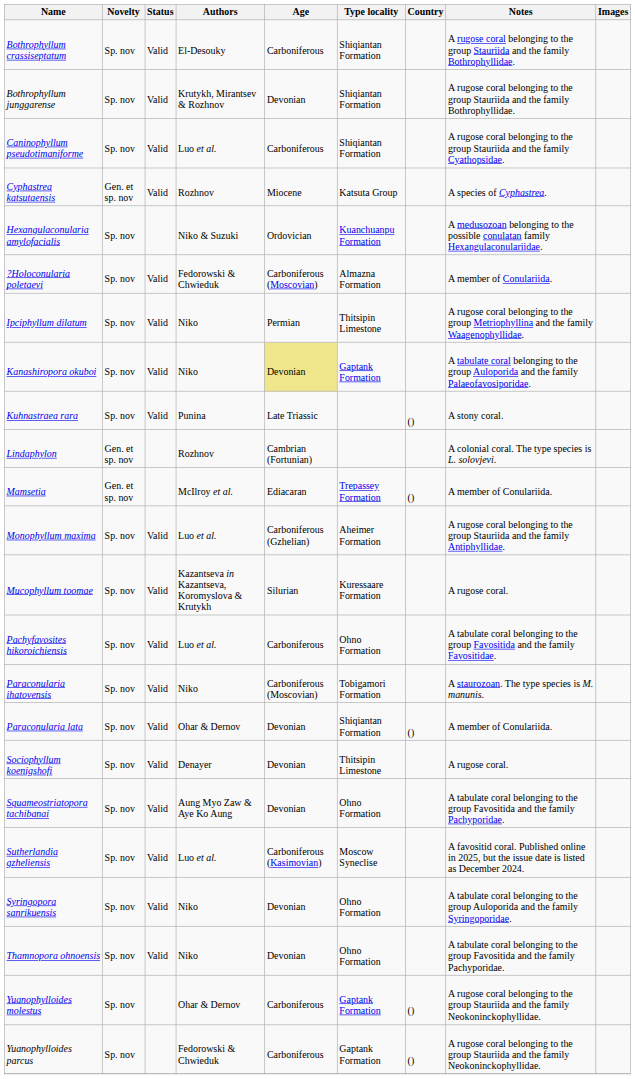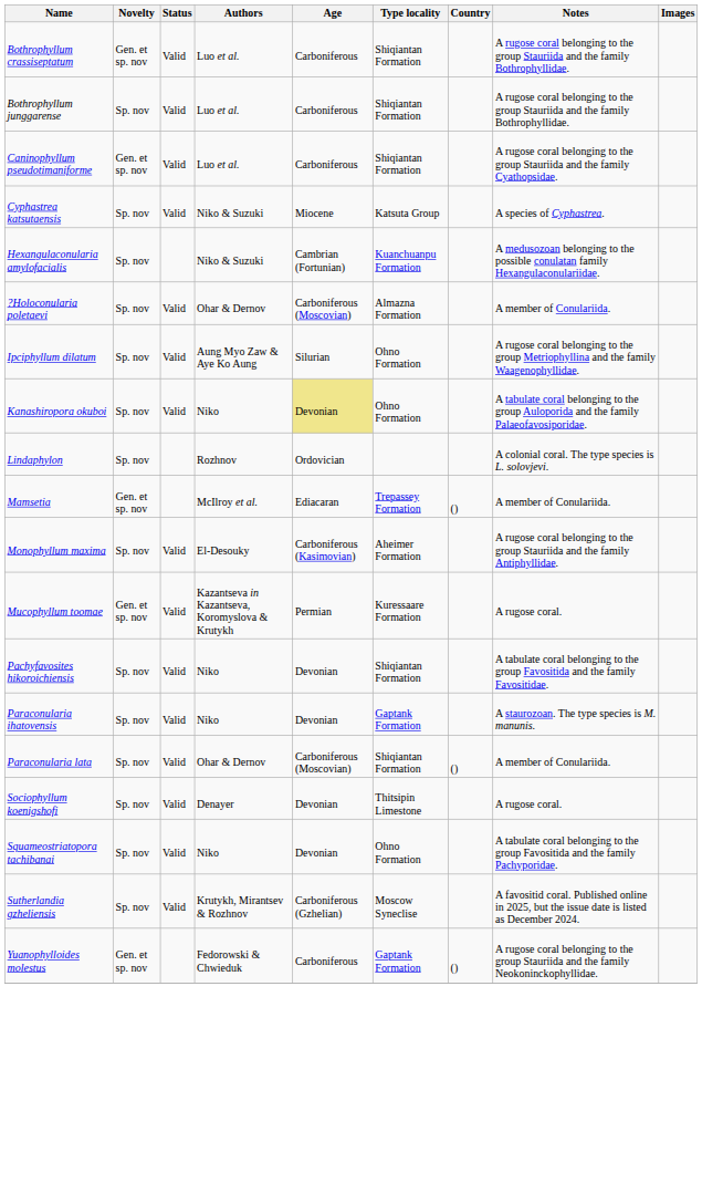 <table class="wikitable sortable" align="center" width="80%">
 <tr>
 <th>Name</th>
 <th>Novelty</th>
 <th>Status</th>
 <th>Authors</th>
 <th>Age</th>
 <th>Type locality</th>
 <th>Country</th>
 <th>Notes</th>
 <th>Images</th>
 </tr>
 <tr>
 <td><br><em><a href='#'>Bothrophyllum crassiseptatum</a></em></td>
-<td><br>Sp. nov</td>
+<td><br>Gen. et sp. nov</td>
 <td><br>Valid</td>
-<td><br>El-Desouky</td>
+<td><br>Luo <em>et al.</em></td>
 <td><br>Carboniferous</td>
 <td><br>Shiqiantan Formation</td>
 <td><br></td>
 <td><br>A <a href='#'>rugose coral</a> belonging to the group <a href='#'>Stauriida</a> and the family <a href='#'>Bothrophyllidae</a>.</td>
 <td></td>
 </tr>
 <tr>
 <td><br><em>Bothrophyllum junggarense</em></td>
 <td><br>Sp. nov</td>
 <td><br>Valid</td>
-<td><br>Krutykh, Mirantsev & Rozhnov</td>
-<td><br>Devonian</td>
+<td><br>Luo <em>et al.</em></td>
+<td><br>Carboniferous</td>
 <td><br>Shiqiantan Formation</td>
 <td><br></td>
 <td><br>A rugose coral belonging to the group Stauriida and the family Bothrophyllidae.</td>
 <td></td>
 </tr>
 <tr>
 <td><br><em><a href='#'>Caninophyllum pseudotimaniforme</a></em></td>
-<td><br>Sp. nov</td>
+<td><br>Gen. et sp. nov</td>
 <td><br>Valid</td>
 <td><br>Luo <em>et al.</em></td>
 <td><br>Carboniferous</td>
 <td><br>Shiqiantan Formation</td>
 <td><br></td>
 <td><br>A rugose coral belonging to the group Stauriida and the family <a href='#'>Cyathopsidae</a>.</td>
 <td></td>
 </tr>
 <tr>
 <td><br><em><a href='#'>Cyphastrea katsutaensis</a></em></td>
-<td><br>Gen. et sp. nov</td>
+<td><br>Sp. nov</td>
 <td><br>Valid</td>
-<td><br>Rozhnov</td>
+<td><br>Niko & Suzuki</td>
 <td><br>Miocene</td>
 <td><br>Katsuta Group</td>
 <td><br></td>
 <td><br>A species of <em><a href='#'>Cyphastrea</a></em>.</td>
 <td></td>
 </tr>
 <tr>
 <td><br><em><a href='#'>Hexangulaconularia amylofacialis</a></em></td>
 <td><br>Sp. nov</td>
 <td></td>
 <td><br>Niko & Suzuki</td>
-<td><br>Ordovician</td>
+<td><br>Cambrian (Fortunian)</td>
 <td><br><a href='#'>Kuanchuanpu Formation</a></td>
 <td><br></td>
 <td><br>A <a href='#'>medusozoan</a> belonging to the possible <a href='#'>conulatan</a> family <a href='#'>Hexangulaconulariidae</a>.</td>
 <td></td>
 </tr>
 <tr>
 <td><br><em><a href='#'>?Holoconularia poletaevi</a></em></td>
 <td><br>Sp. nov</td>
 <td><br>Valid</td>
-<td><br>Fedorowski & Chwieduk</td>
+<td><br>Ohar & Dernov</td>
 <td><br>Carboniferous (<a href='#'>Moscovian</a>)</td>
 <td><br>Almazna Formation</td>
 <td><br></td>
 <td><br>A member of <a href='#'>Conulariida</a>.</td>
 <td></td>
 </tr>
 <tr>
 <td><br><em><a href='#'>Ipciphyllum dilatum</a></em></td>
 <td><br>Sp. nov</td>
 <td><br>Valid</td>
-<td><br>Niko</td>
-<td><br>Permian</td>
-<td><br>Thitsipin Limestone</td>
+<td><br>Aung Myo Zaw & Aye Ko Aung</td>
+<td><br>Silurian</td>
+<td><br>Ohno Formation</td>
 <td><br></td>
 <td><br>A rugose coral belonging to the group <a href='#'>Metriophyllina</a> and the family <a href='#'>Waagenophyllidae</a>.</td>
 <td></td>
 </tr>
 <tr>
 <td><br><em><a href='#'>Kanashiropora okuboi</a></em></td>
 <td><br>Sp. nov</td>
 <td><br>Valid</td>
 <td><br>Niko</td>
 <td style="background: khaki;"><br>Devonian</td>
-<td><br><a href='#'>Gaptank Formation</a></td>
+<td><br>Ohno Formation</td>
 <td><br></td>
 <td><br>A <a href='#'>tabulate coral</a> belonging to the group <a href='#'>Auloporida</a> and the family <a href='#'>Palaeofavosiporidae</a>.</td>
 <td></td>
 </tr>
 <tr>
-<td><br><em><a href='#'>Kuhnastraea rara</a></em></td>
+<td><br><em><a href='#'>Lindaphylon</a></em></td>
 <td><br>Sp. nov</td>
-<td><br>Valid</td>
-<td><br>Punina</td>
-<td><br>Late Triassic</td>
-<td></td>
-<td><br><br>()</td>
-<td><br>A stony coral.</td>
-<td></td>
-</tr>
-<tr>
-<td><br><em><a href='#'>Lindaphylon</a></em></td>
-<td><br>Gen. et sp. nov</td>
 <td></td>
 <td><br>Rozhnov</td>
-<td><br>Cambrian (Fortunian)</td>
+<td><br>Ordovician</td>
 <td></td>
 <td><br></td>
 <td><br>A colonial coral. The type species is <em>L. solovjevi</em>.</td>
 <td></td>
 </tr>
 <tr>
 <td><br><em><a href='#'>Mamsetia</a></em></td>
 <td><br>Gen. et sp. nov</td>
 <td></td>
 <td><br>McIlroy <em>et al.</em></td>
 <td><br>Ediacaran</td>
 <td><br><a href='#'>Trepassey Formation</a></td>
 <td><br><br>()</td>
 <td><br>A member of Conulariida.</td>
 <td></td>
 </tr>
 <tr>
 <td><br><em><a href='#'>Monophyllum maxima</a></em></td>
 <td><br>Sp. nov</td>
 <td><br>Valid</td>
-<td><br>Luo <em>et al.</em></td>
-<td><br>Carboniferous (Gzhelian)</td>
+<td><br>El-Desouky</td>
+<td><br>Carboniferous (<a href='#'>Kasimovian</a>)</td>
 <td><br>Aheimer Formation</td>
 <td><br></td>
 <td><br>A rugose coral belonging to the group Stauriida and the family <a href='#'>Antiphyllidae</a>.</td>
 <td></td>
 </tr>
 <tr>
 <td><br><em><a href='#'>Mucophyllum toomae</a></em></td>
-<td><br>Sp. nov</td>
+<td><br>Gen. et sp. nov</td>
 <td><br>Valid</td>
 <td><br>Kazantseva <em>in</em> Kazantseva, Koromyslova & Krutykh</td>
-<td><br>Silurian</td>
+<td><br>Permian</td>
 <td><br>Kuressaare Formation</td>
 <td><br></td>
 <td><br>A rugose coral.</td>
 <td></td>
 </tr>
 <tr>
 <td><br><em><a href='#'>Pachyfavosites hikoroichiensis</a></em></td>
 <td><br>Sp. nov</td>
 <td><br>Valid</td>
-<td><br>Luo <em>et al.</em></td>
-<td><br>Carboniferous</td>
-<td><br>Ohno Formation</td>
+<td><br>Niko</td>
+<td><br>Devonian</td>
+<td><br>Shiqiantan Formation</td>
 <td><br></td>
 <td><br>A tabulate coral belonging to the group <a href='#'>Favositida</a> and the family <a href='#'>Favositidae</a>.</td>
 <td></td>
 </tr>
 <tr>
 <td><br><em><a href='#'>Paraconularia ihatovensis</a></em></td>
 <td><br>Sp. nov</td>
 <td><br>Valid</td>
 <td><br>Niko</td>
-<td><br>Carboniferous (Moscovian)</td>
-<td><br>Tobigamori Formation</td>
+<td><br>Devonian</td>
+<td><br><a href='#'>Gaptank Formation</a></td>
 <td><br></td>
 <td><br>A <a href='#'>staurozoan</a>. The type species is <em>M. manunis</em>.</td>
 <td></td>
 </tr>
 <tr>
 <td><br><em><a href='#'>Paraconularia lata</a></em></td>
 <td><br>Sp. nov</td>
 <td><br>Valid</td>
 <td><br>Ohar & Dernov</td>
-<td><br>Devonian</td>
+<td><br>Carboniferous (Moscovian)</td>
 <td><br>Shiqiantan Formation</td>
 <td><br><br>()<br> </td>
 <td><br>A member of Conulariida.</td>
 <td></td>
 </tr>
 <tr>
 <td><br><em><a href='#'>Sociophyllum koenigshofi</a></em></td>
 <td><br>Sp. nov</td>
 <td><br>Valid</td>
 <td><br>Denayer</td>
 <td><br>Devonian</td>
 <td><br>Thitsipin Limestone</td>
 <td><br></td>
 <td><br>A rugose coral.</td>
 <td></td>
 </tr>
 <tr>
 <td><br><em><a href='#'>Squameostriatopora tachibanai</a></em></td>
 <td><br>Sp. nov</td>
 <td><br>Valid</td>
-<td><br>Aung Myo Zaw & Aye Ko Aung</td>
+<td><br>Niko</td>
 <td><br>Devonian</td>
 <td><br>Ohno Formation</td>
 <td><br></td>
 <td><br>A tabulate coral belonging to the group Favositida and the family <a href='#'>Pachyporidae</a>.</td>
 <td></td>
 </tr>
 <tr>
 <td><br><em><a href='#'>Sutherlandia gzheliensis</a></em></td>
 <td><br>Sp. nov</td>
 <td><br>Valid</td>
-<td><br>Luo <em>et al.</em></td>
-<td><br>Carboniferous (<a href='#'>Kasimovian</a>)</td>
+<td><br>Krutykh, Mirantsev & Rozhnov</td>
+<td><br>Carboniferous (Gzhelian)</td>
 <td><br>Moscow Syneclise</td>
 <td><br></td>
 <td><br>A favositid coral. Published online in 2025, but the issue date is listed as December 2024.</td>
 <td></td>
 </tr>
 <tr>
-<td><br><em><a href='#'>Syringopora sanrikuensis</a></em></td>
-<td><br>Sp. nov</td>
-<td><br>Valid</td>
-<td><br>Niko</td>
-<td><br>Devonian</td>
-<td><br>Ohno Formation</td>
-<td><br></td>
-<td><br>A tabulate coral belonging to the group Auloporida and the family <a href='#'>Syringoporidae</a>.</td>
+<td><br><em><a href='#'>Yuanophylloides molestus</a></em></td>
+<td><br>Gen. et sp. nov</td>
 <td></td>
-</tr>
-<tr>
-<td><br><em><a href='#'>Thamnopora ohnoensis</a></em></td>
-<td><br>Sp. nov</td>
-<td><br>Valid</td>
-<td><br>Niko</td>
-<td><br>Devonian</td>
-<td><br>Ohno Formation</td>
-<td><br></td>
-<td><br>A tabulate coral belonging to the group Favositida and the family Pachyporidae.</td>
-<td></td>
-</tr>
-<tr>
-<td><br><em><a href='#'>Yuanophylloides molestus</a></em></td>
-<td><br>Sp. nov</td>
-<td></td>
-<td><br>Ohar & Dernov</td>
+<td><br>Fedorowski & Chwieduk</td>
 <td><br>Carboniferous</td>
 <td><br><a href='#'>Gaptank Formation</a></td>
 <td><br><br>()</td>
 <td><br>A rugose coral belonging to the group Stauriida and the family Neokoninckophyllidae.</td>
 <td></td>
 </tr>
 <tr>
-<td><br><em>Yuanophylloides parcus</em></td>
-<td><br>Sp. nov</td>
-<td></td>
-<td><br>Fedorowski & Chwieduk</td>
-<td><br>Carboniferous</td>
-<td><br>Gaptank Formation</td>
-<td><br><br>()</td>
-<td><br>A rugose coral belonging to the group Stauriida and the family Neokoninckophyllidae.</td>
-<td></td>
-</tr>
-<tr>
 </tr>
 </table>
